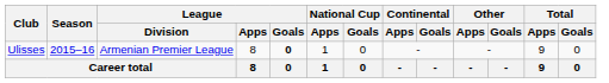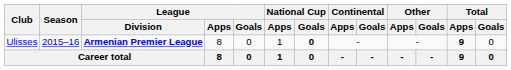 <table class="wikitable" style="text-align: center">
 <tr>
 <th rowspan="2">Club</th>
 <th rowspan="2">Season</th>
 <th colspan="3">League</th>
 <th colspan="2">National Cup</th>
 <th colspan="2">Continental</th>
 <th colspan="2">Other</th>
 <th colspan="2">Total</th>
 </tr>
 <tr>
 <th>Division</th>
 <th>Apps</th>
 <th>Goals</th>
 <th>Apps</th>
 <th>Goals</th>
 <th>Apps</th>
 <th>Goals</th>
 <th>Apps</th>
 <th>Goals</th>
 <th>Apps</th>
 <th>Goals</th>
 </tr>
 <tr>
 <td><a href='#'>Ulisses</a></td>
 <td><a href='#'>2015–16</a></td>
-<td><a href='#'>Armenian Premier League</a></td>
+<td><strong><a href='#'>Armenian Premier League</a></strong></td>
 <td>8</td>
+<td>0</td>
+<td>1</td>
 <td><strong>0</strong></td>
-<td>1</td>
-<td>0</td>
 <td colspan="2">-</td>
 <td colspan="2">-</td>
-<td>9</td>
+<td><strong>9</strong></td>
 <td>0</td>
 </tr>
 <tr>
 <th colspan="3">Career total</th>
 <th>8</th>
 <th>0</th>
 <th>1</th>
 <th>0</th>
 <th>-</th>
 <th>-</th>
 <th>-</th>
 <th>-</th>
 <th>9</th>
 <th>0</th>
 </tr>
 </table>
